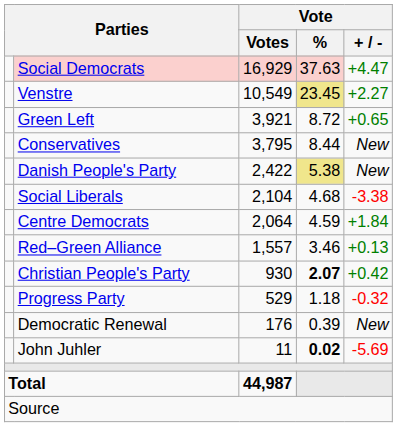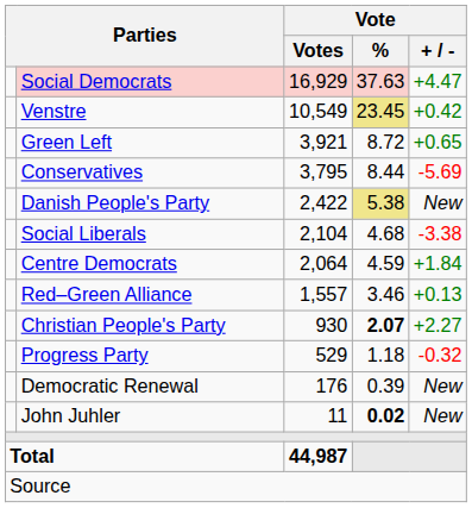 <table class="wikitable" style="text-align:right;">
 <tr>
 <th style="text-align:centre;" rowspan="2" colspan="2" width="225">Parties</th>
 <th colspan="3">Vote</th>
 </tr>
 <tr>
 <th width="15">Votes</th>
 <th width="15">%</th>
 <th width="15">+ / -</th>
 </tr>
 <tr>
 <td width="2" style="color:inherit;background:"></td>
 <td bgcolor=#fbd0ce  align="left"><a href='#'>Social Democrats</a></td>
 <td bgcolor=#fbd0ce>16,929</td>
 <td bgcolor=#fbd0ce>37.63</td>
 <td style=color:green;>+4.47</td>
 </tr>
 <tr>
 <td width="2" style="color:inherit;background:"></td>
 <td align="left"><a href='#'>Venstre</a></td>
 <td>10,549</td>
 <td style="background: khaki;">23.45</td>
-<td style=color:green;>+2.27</td>
+<td style=color:green;>+0.42</td>
 </tr>
 <tr>
 <td width="2" style="color:inherit;background:"></td>
 <td align="left"><a href='#'>Green Left</a></td>
 <td>3,921</td>
 <td>8.72</td>
 <td style=color:green;>+0.65</td>
 </tr>
 <tr>
 <td width="2" style="color:inherit;background:"></td>
 <td align="left"><a href='#'>Conservatives</a></td>
 <td>3,795</td>
 <td>8.44</td>
-<td><em>New</em></td>
+<td style=color:red;>-5.69</td>
 </tr>
 <tr>
 <td width="2" style="color:inherit;background:"></td>
 <td align="left"><a href='#'>Danish People's Party</a></td>
 <td>2,422</td>
 <td style="background: khaki;">5.38</td>
 <td><em>New</em></td>
 </tr>
 <tr>
 <td width="2" style="color:inherit;background:"></td>
 <td align="left"><a href='#'>Social Liberals</a></td>
 <td>2,104</td>
 <td>4.68</td>
 <td style=color:red;>-3.38</td>
 </tr>
 <tr>
 <td width="2" style="color:inherit;background:"></td>
 <td align="left"><a href='#'>Centre Democrats</a></td>
 <td>2,064</td>
 <td>4.59</td>
 <td style=color:green;>+1.84</td>
 </tr>
 <tr>
 <td width="2" style="color:inherit;background:"></td>
 <td align="left"><a href='#'>Red–Green Alliance</a></td>
 <td>1,557</td>
 <td>3.46</td>
 <td style=color:green;>+0.13</td>
 </tr>
 <tr>
 <td width="2" style="color:inherit;background:"></td>
 <td align="left"><a href='#'>Christian People's Party</a></td>
 <td>930</td>
 <td><strong>2.07</strong></td>
-<td style=color:green;>+0.42</td>
+<td style=color:green;>+2.27</td>
 </tr>
 <tr>
 <td width="2" style="color:inherit;background:"></td>
 <td align="left"><a href='#'>Progress Party</a></td>
 <td>529</td>
 <td>1.18</td>
 <td style=color:red;>-0.32</td>
 </tr>
 <tr>
 <td width="2" style="color:inherit;background:"></td>
 <td align="left">Democratic Renewal</td>
 <td>176</td>
 <td>0.39</td>
 <td><em>New</em></td>
 </tr>
 <tr>
 <td width="2" style="color:inherit;background:"></td>
 <td align="left">John Juhler</td>
 <td>11</td>
 <td><strong>0.02</strong></td>
-<td style=color:red;>-5.69</td>
+<td><em>New</em></td>
 </tr>
 <tr>
 <td colspan="7" bgcolor="#E9E9E9"></td>
 </tr>
 <tr>
 <td align="left" colspan="2"><strong>Total</strong></td>
 <td><strong>44,987</strong></td>
 <td bgcolor="#E9E9E9" colspan="2"></td>
 </tr>
 <tr>
 <td align="left" colspan="6">Source</td>
 </tr>
 </table>
